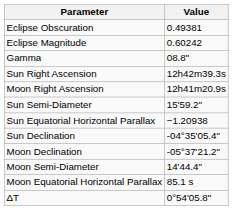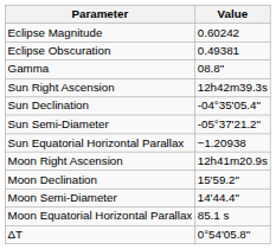 <table class="wikitable">
 <tr>
 <th>Parameter</th>
 <th>Value</th>
 </tr>
 <tr>
+<td>Eclipse Magnitude</td>
+<td>0.60242</td>
+</tr>
+<tr>
 <td>Eclipse Obscuration</td>
 <td>0.49381</td>
-</tr>
-<tr>
-<td>Eclipse Magnitude</td>
-<td>0.60242</td>
 </tr>
 <tr>
 <td>Gamma</td>
 <td>08.8"</td>
 </tr>
 <tr>
 <td>Sun Right Ascension</td>
 <td>12h42m39.3s</td>
 </tr>
 <tr>
-<td>Moon Right Ascension</td>
-<td>12h41m20.9s</td>
+<td>Sun Declination</td>
+<td>-04°35'05.4"</td>
 </tr>
 <tr>
 <td>Sun Semi-Diameter</td>
-<td>15'59.2"</td>
+<td>-05°37'21.2"</td>
 </tr>
 <tr>
 <td>Sun Equatorial Horizontal Parallax</td>
 <td>−1.20938</td>
 </tr>
 <tr>
-<td>Sun Declination</td>
-<td>-04°35'05.4"</td>
+<td>Moon Right Ascension</td>
+<td>12h41m20.9s</td>
 </tr>
 <tr>
 <td>Moon Declination</td>
-<td>-05°37'21.2"</td>
+<td>15'59.2"</td>
 </tr>
 <tr>
 <td>Moon Semi-Diameter</td>
 <td>14'44.4"</td>
 </tr>
 <tr>
 <td>Moon Equatorial Horizontal Parallax</td>
 <td>85.1 s</td>
 </tr>
 <tr>
 <td>ΔT</td>
 <td>0°54'05.8"</td>
 </tr>
 </table>
